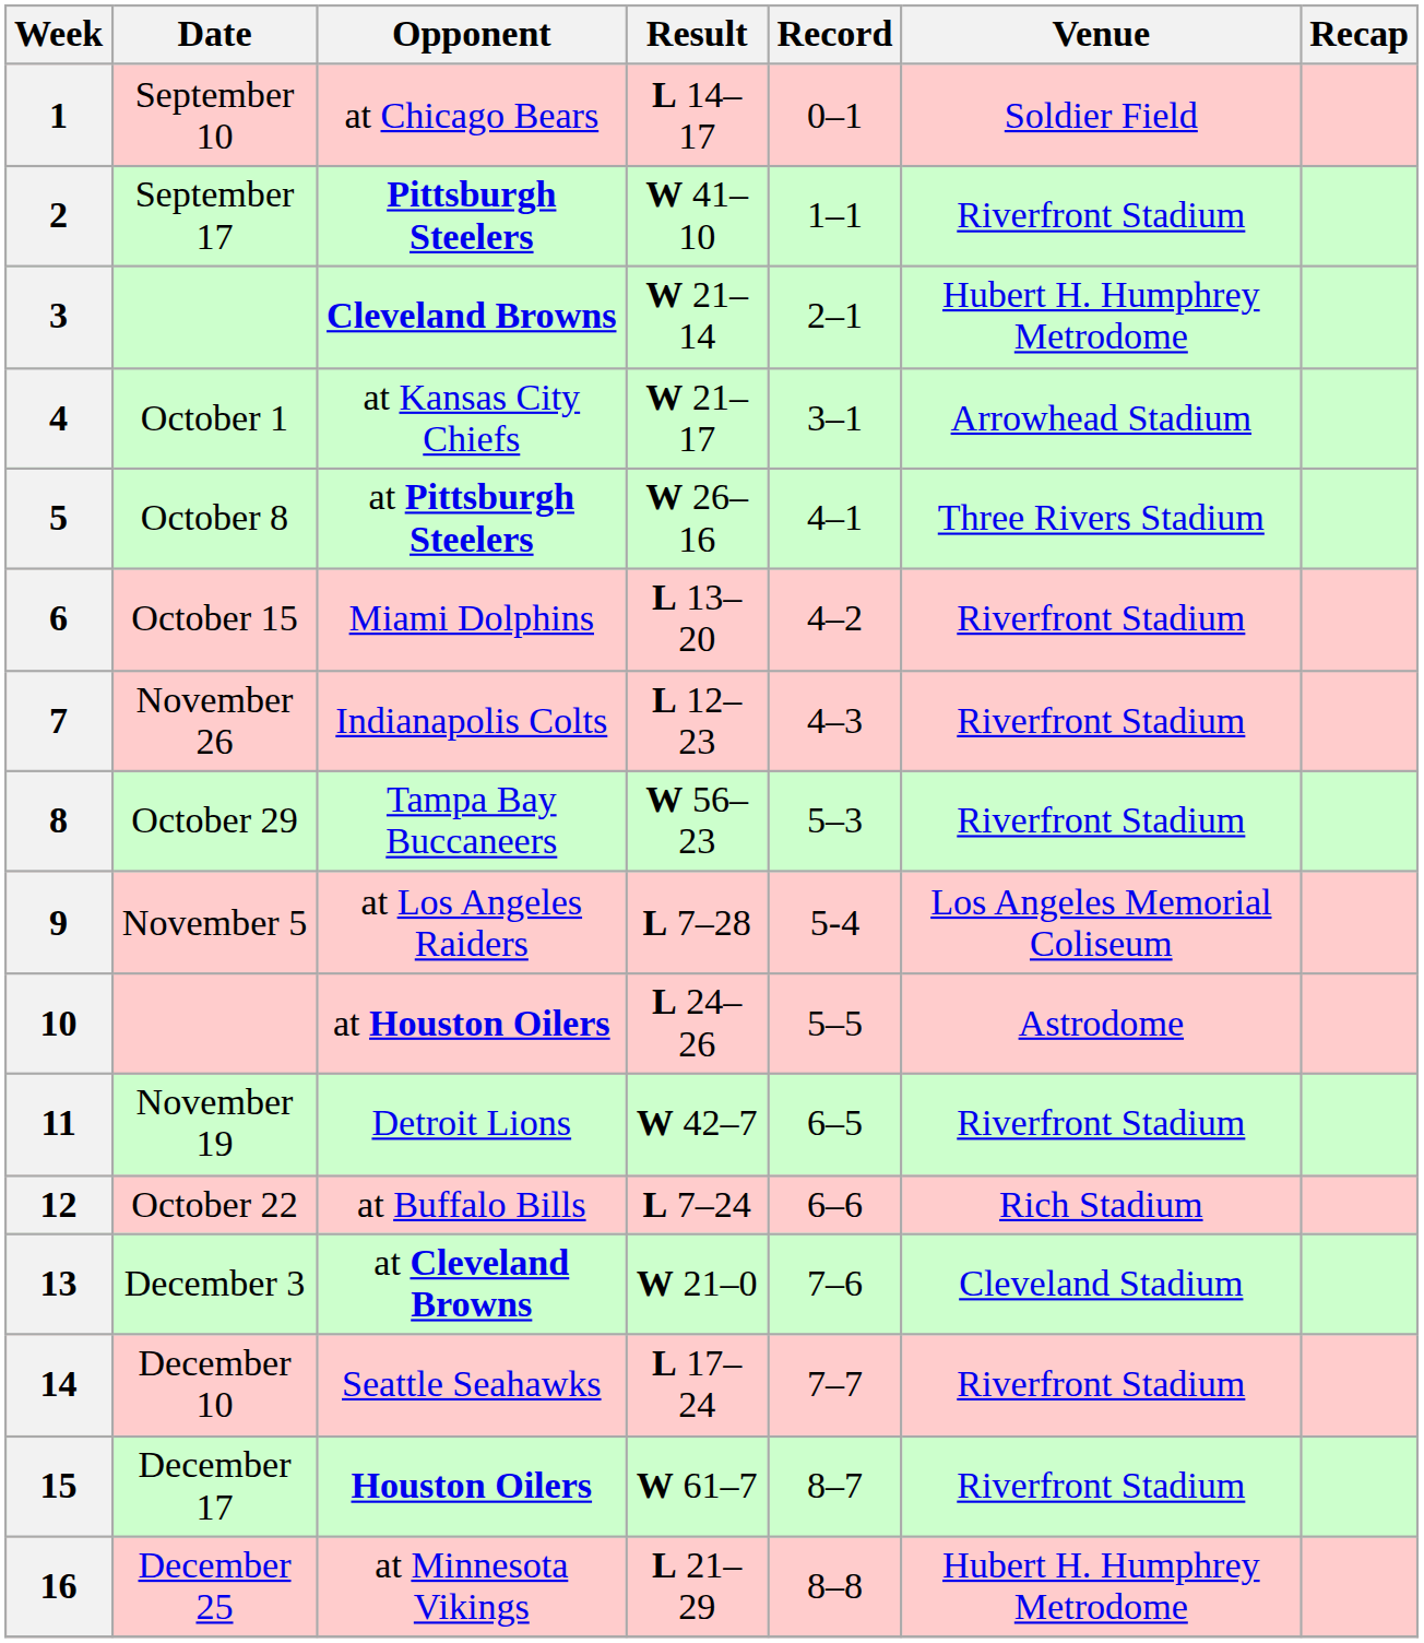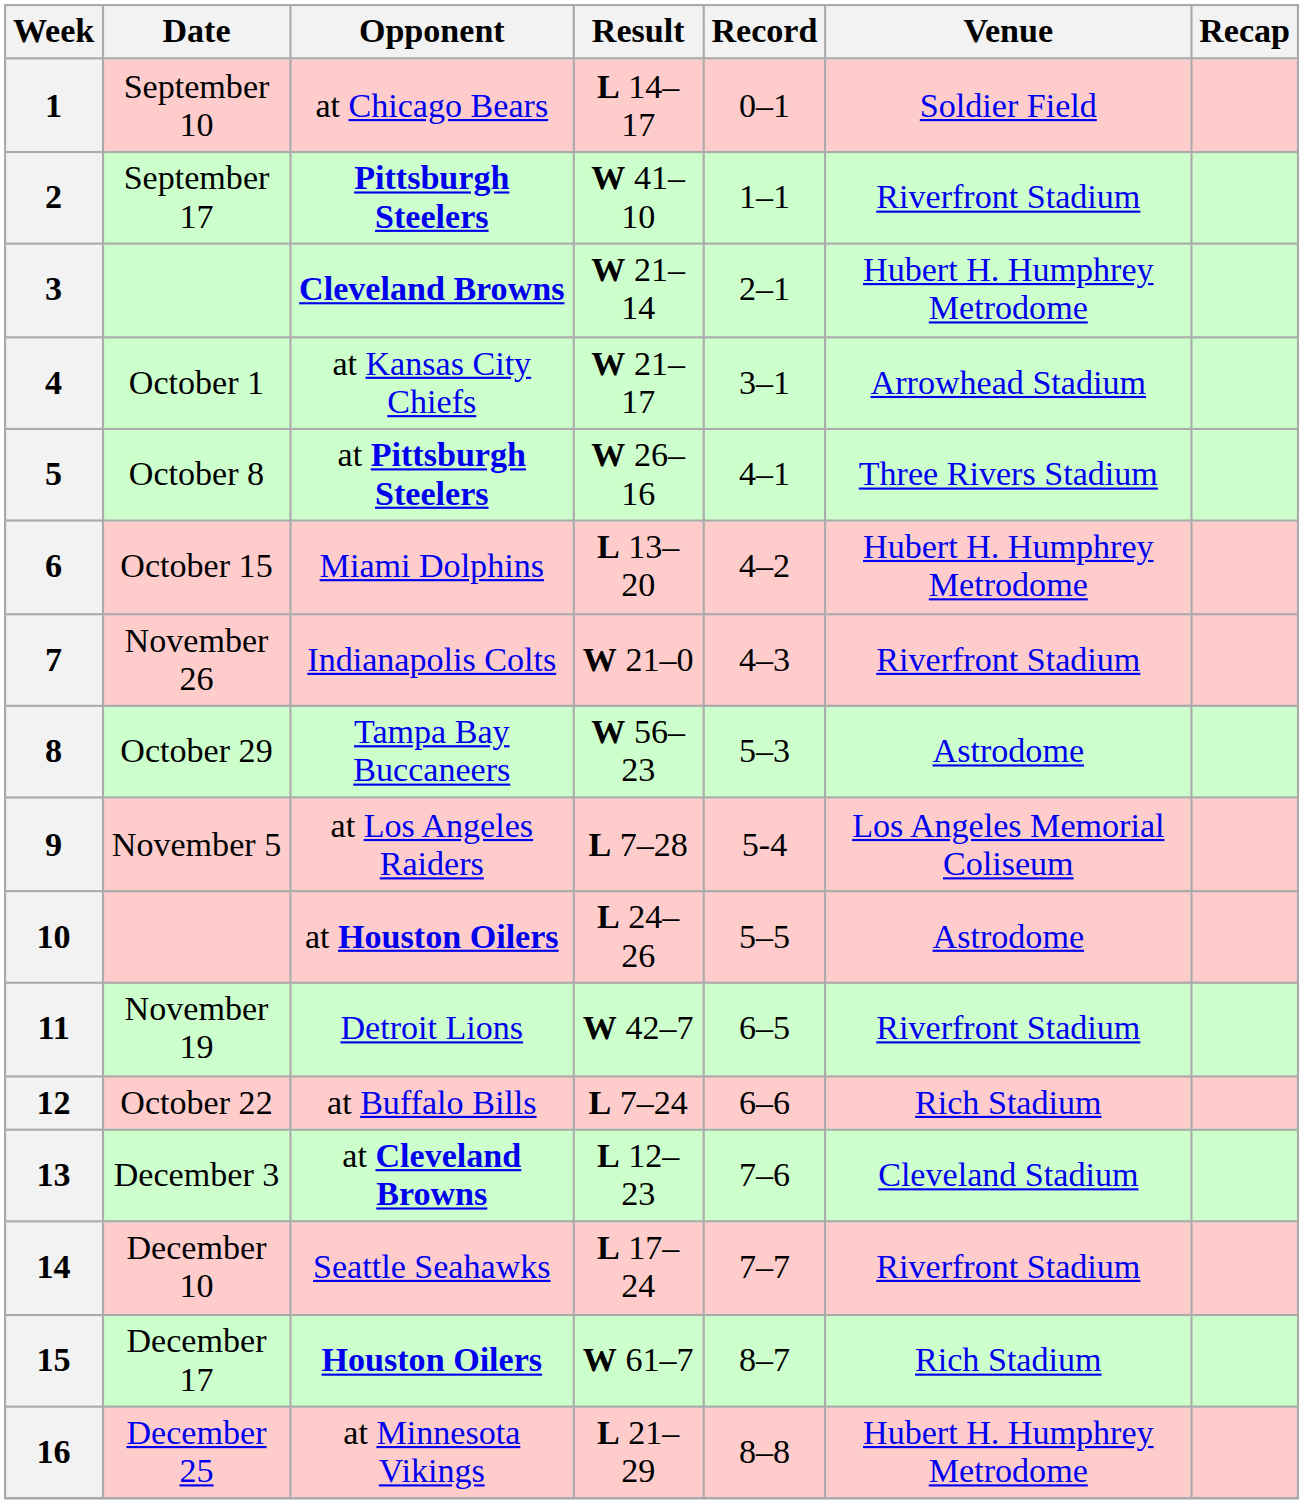 <table class="wikitable" style="text-align:center">
 <tr>
 <th>Week</th>
 <th>Date</th>
 <th>Opponent</th>
 <th>Result</th>
 <th>Record</th>
 <th>Venue</th>
 <th>Recap</th>
 </tr>
 <tr style="background:#fcc">
 <th>1</th>
 <td>September 10</td>
 <td>at <a href='#'>Chicago Bears</a></td>
 <td><strong>L</strong> 14–17</td>
 <td>0–1</td>
 <td><a href='#'>Soldier Field</a></td>
 <td></td>
 </tr>
 <tr style="background:#cfc">
 <th>2</th>
 <td>September 17</td>
 <td><strong><a href='#'>Pittsburgh Steelers</a></strong></td>
 <td><strong>W</strong> 41–10</td>
 <td>1–1</td>
 <td><a href='#'>Riverfront Stadium</a></td>
 <td></td>
 </tr>
 <tr style="background:#cfc">
 <th>3</th>
 <td></td>
 <td><strong><a href='#'>Cleveland Browns</a></strong></td>
 <td><strong>W</strong> 21–14</td>
 <td>2–1</td>
 <td><a href='#'>Hubert H. Humphrey Metrodome</a></td>
 <td></td>
 </tr>
 <tr style="background:#cfc">
 <th>4</th>
 <td>October 1</td>
 <td>at <a href='#'>Kansas City Chiefs</a></td>
 <td><strong>W</strong> 21–17</td>
 <td>3–1</td>
 <td><a href='#'>Arrowhead Stadium</a></td>
 <td></td>
 </tr>
 <tr style="background:#cfc">
 <th>5</th>
 <td>October 8</td>
 <td>at <strong><a href='#'>Pittsburgh Steelers</a></strong></td>
 <td><strong>W</strong>  26–16</td>
 <td>4–1</td>
 <td><a href='#'>Three Rivers Stadium</a></td>
 <td></td>
 </tr>
 <tr style="background:#fcc">
 <th>6</th>
 <td>October 15</td>
 <td><a href='#'>Miami Dolphins</a></td>
 <td><strong>L</strong> 13–20</td>
 <td>4–2</td>
-<td><a href='#'>Riverfront Stadium</a></td>
+<td><a href='#'>Hubert H. Humphrey Metrodome</a></td>
 <td></td>
 </tr>
 <tr style="background:#fcc">
 <th>7</th>
 <td>November 26</td>
 <td><a href='#'>Indianapolis Colts</a></td>
-<td><strong>L</strong> 12–23</td>
+<td><strong>W</strong> 21–0</td>
 <td>4–3</td>
 <td><a href='#'>Riverfront Stadium</a></td>
 <td></td>
 </tr>
 <tr style="background:#cfc">
 <th>8</th>
 <td>October 29</td>
 <td><a href='#'>Tampa Bay Buccaneers</a></td>
 <td><strong>W</strong> 56–23</td>
 <td>5–3</td>
-<td><a href='#'>Riverfront Stadium</a></td>
+<td><a href='#'>Astrodome</a></td>
 <td></td>
 </tr>
 <tr style="background:#fcc">
 <th>9</th>
 <td>November 5</td>
 <td>at <a href='#'>Los Angeles Raiders</a></td>
 <td><strong>L</strong> 7–28</td>
 <td>5-4</td>
 <td><a href='#'>Los Angeles Memorial Coliseum</a></td>
 <td></td>
 </tr>
 <tr style="background:#fcc">
 <th>10</th>
 <td></td>
 <td>at <strong><a href='#'>Houston Oilers</a></strong></td>
 <td><strong>L</strong> 24–26</td>
 <td>5–5</td>
 <td><a href='#'>Astrodome</a></td>
 <td></td>
 </tr>
 <tr style="background:#cfc">
 <th>11</th>
 <td>November 19</td>
 <td><a href='#'>Detroit Lions</a></td>
 <td><strong>W</strong> 42–7</td>
 <td>6–5</td>
 <td><a href='#'>Riverfront Stadium</a></td>
 <td></td>
 </tr>
 <tr style="background:#fcc">
 <th>12</th>
 <td>October 22</td>
 <td>at <a href='#'>Buffalo Bills</a></td>
 <td><strong>L</strong> 7–24</td>
 <td>6–6</td>
 <td><a href='#'>Rich Stadium</a></td>
 <td></td>
 </tr>
 <tr style="background:#cfc">
 <th>13</th>
 <td>December 3</td>
 <td>at <strong><a href='#'>Cleveland Browns</a></strong></td>
-<td><strong>W</strong> 21–0</td>
+<td><strong>L</strong> 12–23</td>
 <td>7–6</td>
 <td><a href='#'>Cleveland Stadium</a></td>
 <td></td>
 </tr>
 <tr style="background:#fcc">
 <th>14</th>
 <td>December 10</td>
 <td><a href='#'>Seattle Seahawks</a></td>
 <td><strong>L</strong> 17–24</td>
 <td>7–7</td>
 <td><a href='#'>Riverfront Stadium</a></td>
 <td></td>
 </tr>
 <tr style="background:#cfc">
 <th>15</th>
 <td>December 17</td>
 <td><strong><a href='#'>Houston Oilers</a></strong></td>
 <td><strong>W</strong> 61–7</td>
 <td>8–7</td>
-<td><a href='#'>Riverfront Stadium</a></td>
+<td><a href='#'>Rich Stadium</a></td>
 <td></td>
 </tr>
 <tr style="background:#fcc">
 <th>16</th>
 <td><a href='#'>December 25</a></td>
 <td>at <a href='#'>Minnesota Vikings</a></td>
 <td><strong>L</strong> 21–29</td>
 <td>8–8</td>
 <td><a href='#'>Hubert H. Humphrey Metrodome</a></td>
 <td></td>
 </tr>
 <tr>
 </tr>
 </table>
